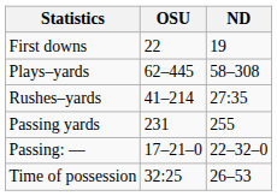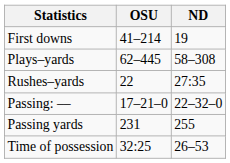 <table class="wikitable" style="float:left">
 <tr>
 <th>Statistics</th>
 <th>OSU</th>
 <th>ND</th>
 </tr>
 <tr>
 <td>First downs</td>
-<td>22</td>
+<td>41–214</td>
 <td>19</td>
 </tr>
 <tr>
 <td>Plays–yards</td>
 <td>62–445</td>
 <td>58–308</td>
 </tr>
 <tr>
 <td>Rushes–yards</td>
-<td>41–214</td>
+<td>22</td>
 <td>27:35</td>
+</tr>
+<tr>
+<td>Passing: ––</td>
+<td>17–21–0</td>
+<td>22–32–0</td>
 </tr>
 <tr>
 <td>Passing yards</td>
 <td>231</td>
 <td>255</td>
 </tr>
 <tr>
-<td>Passing: ––</td>
-<td>17–21–0</td>
-<td>22–32–0</td>
-</tr>
-<tr>
 <td>Time of possession</td>
 <td>32:25</td>
 <td>26–53</td>
 </tr>
 </table>
